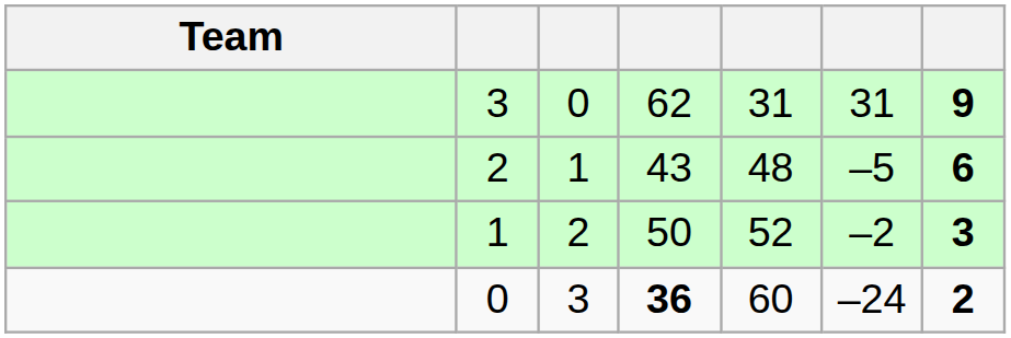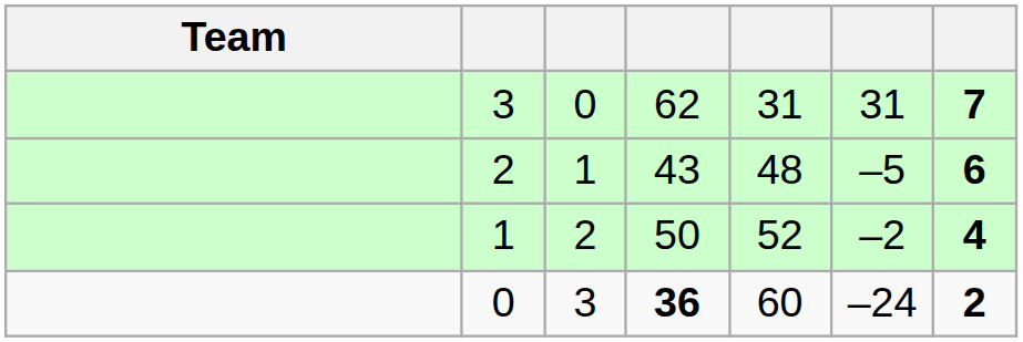 <table class="wikitable" style="text-align:center;">
 <tr>
 <th style="width:10.5em;">Team</th>
 <th style="width:1.5em;"></th>
 <th style="width:1.5em;"></th>
 <th style="width:2.0em;"></th>
 <th style="width:2.0em;"></th>
 <th style="width:2.0em;"></th>
 <th style="width:1.5em;"></th>
 </tr>
 <tr bgcolor=#cfc>
 <td align="left"></td>
 <td>3</td>
 <td>0</td>
 <td>62</td>
 <td>31</td>
 <td>31</td>
-<td><strong>9</strong></td>
+<td><strong>7</strong></td>
 </tr>
 <tr bgcolor=#cfc>
 <td align="left"></td>
 <td>2</td>
 <td>1</td>
 <td>43</td>
 <td>48</td>
 <td>–5</td>
 <td><strong>6</strong></td>
 </tr>
 <tr bgcolor=#cfc>
 <td align="left"></td>
 <td>1</td>
 <td>2</td>
 <td>50</td>
 <td>52</td>
 <td>–2</td>
-<td><strong>3</strong></td>
+<td><strong>4</strong></td>
 </tr>
 <tr>
 <td align="left"></td>
 <td>0</td>
 <td>3</td>
 <td><strong>36</strong></td>
 <td>60</td>
 <td>–24</td>
 <td><strong>2</strong></td>
 </tr>
 </table>
